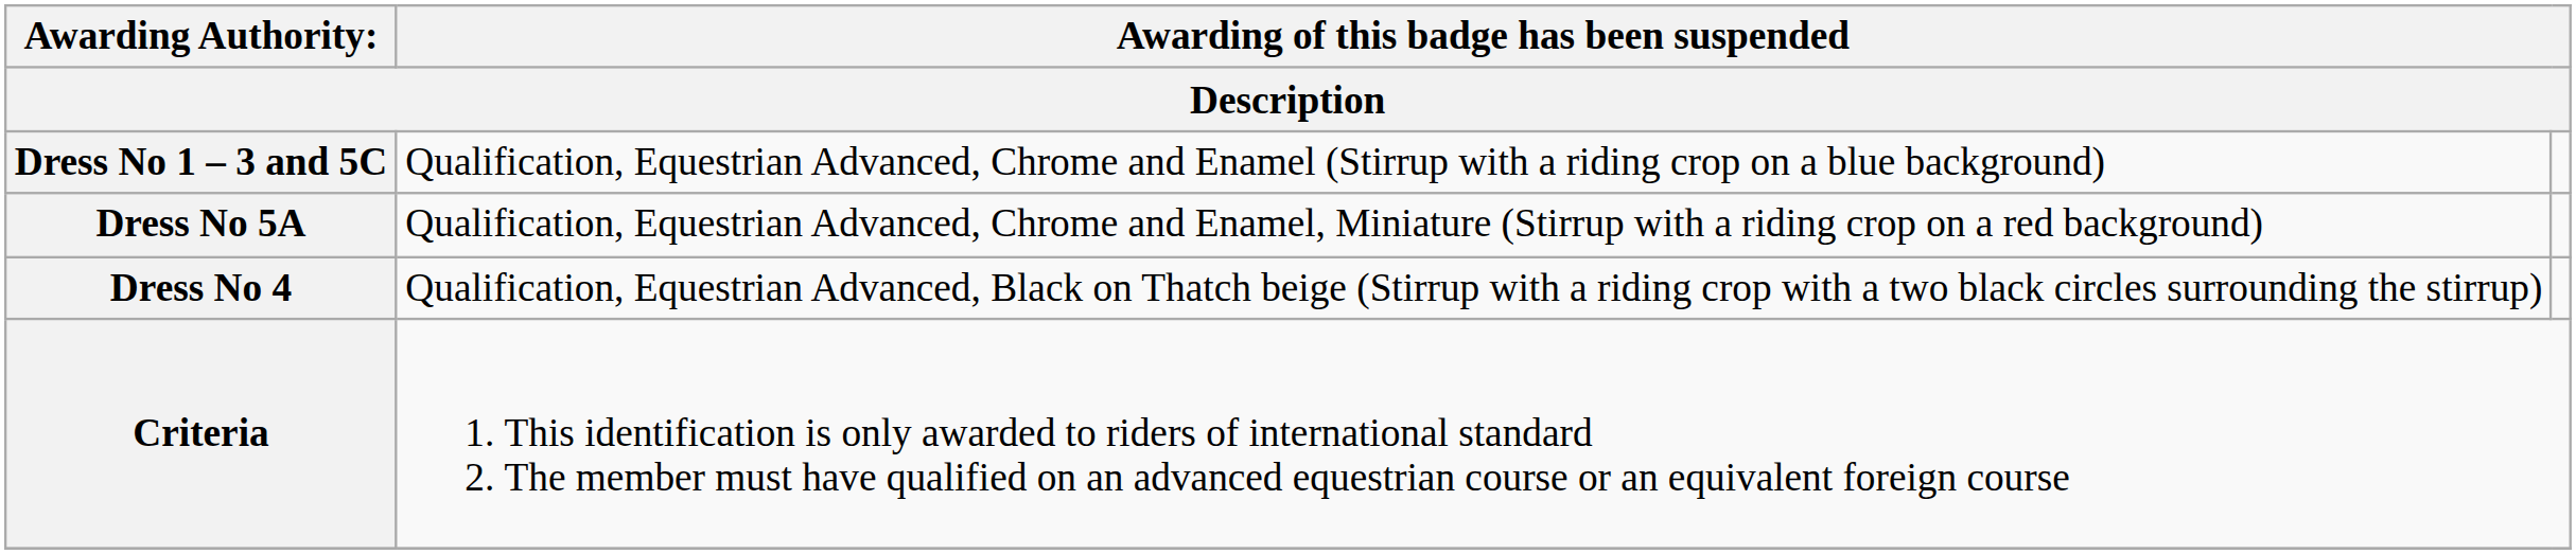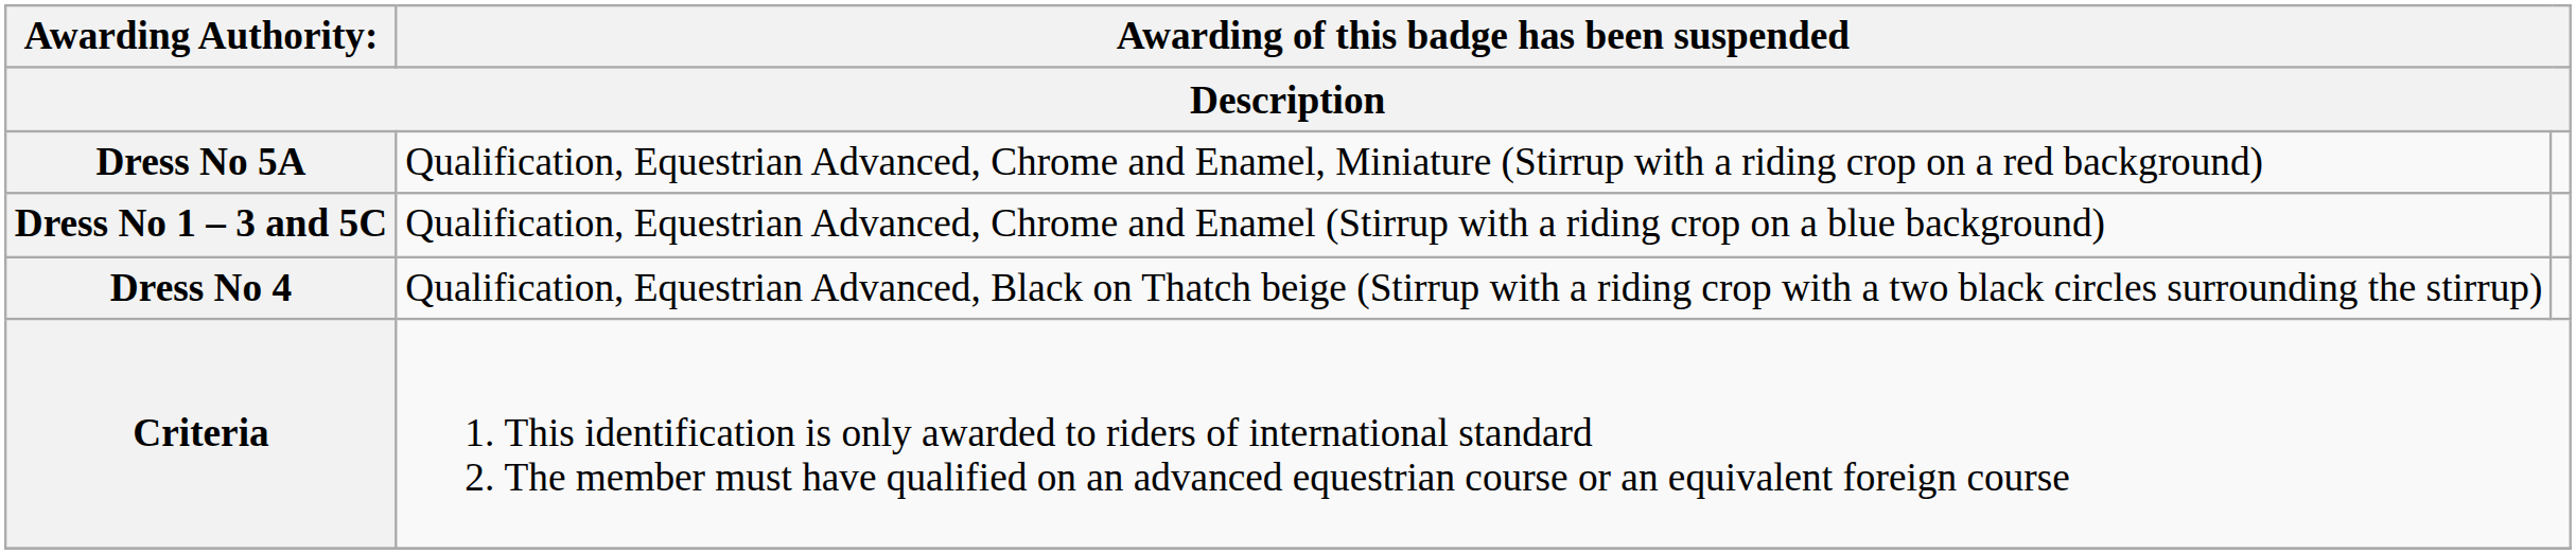 <table class=wikitable style="text-align: left;">
 <tr>
 <th><strong>Awarding Authority</strong>:</th>
 <th colspan="2">Awarding of this badge has been suspended</th>
 </tr>
 <tr>
 <th colspan="3">Description</th>
 </tr>
 <tr>
-<th>Dress No 1 – 3 and 5C</th>
-<td>Qualification, Equestrian Advanced, Chrome and Enamel (Stirrup with a riding crop on a blue background)</td>
+<th>Dress No 5A</th>
+<td>Qualification, Equestrian Advanced, Chrome and Enamel, Miniature (Stirrup with a riding crop on a red background)</td>
 <td></td>
 </tr>
 <tr>
-<th>Dress No 5A</th>
-<td>Qualification, Equestrian Advanced, Chrome and Enamel, Miniature (Stirrup with a riding crop on a red background)</td>
+<th>Dress No 1 – 3 and 5C</th>
+<td>Qualification, Equestrian Advanced, Chrome and Enamel (Stirrup with a riding crop on a blue background)</td>
 <td></td>
 </tr>
 <tr>
 <th>Dress No 4</th>
 <td>Qualification, Equestrian Advanced, Black on Thatch beige (Stirrup with a riding crop with a two black circles surrounding the stirrup)</td>
 <td></td>
 </tr>
 <tr>
 <th>Criteria</th>
 <td colspan="2"><br><ol><li>This identification is only awarded to riders of international standard</li><li>The member must have qualified on an advanced equestrian course or an equivalent foreign course</li></ol></td>
 </tr>
 <tr>
 </tr>
 </table>
